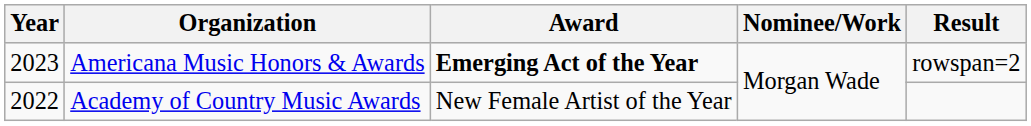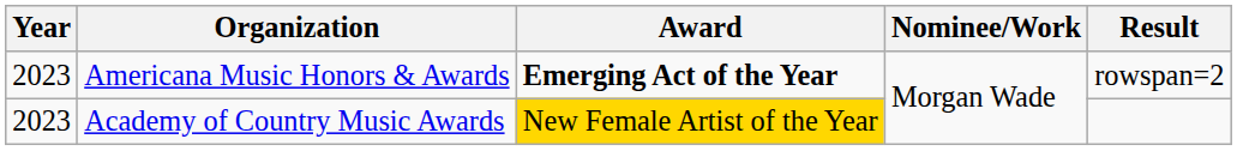 <table class="wikitable">
 <tr>
 <th>Year</th>
 <th>Organization</th>
 <th>Award</th>
 <th>Nominee/Work</th>
 <th>Result</th>
 </tr>
 <tr>
 <td>2023</td>
 <td><a href='#'>Americana Music Honors & Awards</a></td>
 <td><strong>Emerging Act of the Year</strong></td>
 <td rowspan=2>Morgan Wade</td>
 <td>rowspan=2 </td>
 </tr>
 <tr>
-<td>2022</td>
+<td>2023</td>
 <td><a href='#'>Academy of Country Music Awards</a></td>
-<td>New Female Artist of the Year</td>
+<td style="background: gold;">New Female Artist of the Year</td>
 </tr>
 </table>
